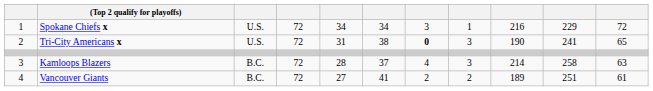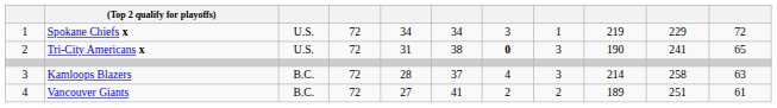 <table class="wikitable sortable">
 <tr>
 <th style="width:3em"></th>
 <th style="width:20em;" class="unsortable"><small>(Top 2 qualify for playoffs)</small></th>
 <th style="width:4em;"></th>
 <th style="width:4em;" class="unsortable"></th>
 <th style="width:4em;"></th>
 <th style="width:4em;"></th>
 <th style="width:4em;"></th>
 <th style="width:4em;"></th>
 <th style="width:5em;"></th>
 <th style="width:5em;"></th>
 <th style="width:5em;"></th>
 </tr>
 <tr style="font-weight: ; text-align: center;">
 <td>1</td>
 <td style="text-align:left;"><a href='#'>Spokane Chiefs</a> <strong>x</strong></td>
 <td>U.S.</td>
 <td>72</td>
 <td>34</td>
 <td>34</td>
 <td>3</td>
 <td>1</td>
-<td>216</td>
+<td>219</td>
 <td>229</td>
 <td>72</td>
 </tr>
 <tr style="font-weight: ; text-align: center;">
 <td>2</td>
 <td style="text-align:left;"><a href='#'>Tri-City Americans</a> <strong>x</strong></td>
 <td>U.S.</td>
 <td>72</td>
 <td>31</td>
 <td>38</td>
 <td><strong>0</strong></td>
 <td>3</td>
 <td>190</td>
 <td>241</td>
 <td>65</td>
 </tr>
 <tr style="color:#cccccc;background-color:#cccccc">
 <td style="height:2px"></td>
 <td></td>
 <td></td>
 <td></td>
 <td></td>
 <td></td>
 <td></td>
 <td></td>
 <td></td>
 <td></td>
 <td></td>
 </tr>
 <tr style="text-align: center;">
 <td>3</td>
 <td style="text-align:left;"><a href='#'>Kamloops Blazers</a></td>
 <td>B.C.</td>
 <td>72</td>
 <td>28</td>
 <td>37</td>
 <td>4</td>
 <td>3</td>
 <td>214</td>
 <td>258</td>
 <td>63</td>
 </tr>
 <tr style="text-align: center;">
 <td>4</td>
 <td style="text-align:left;"><a href='#'>Vancouver Giants</a></td>
 <td>B.C.</td>
 <td>72</td>
 <td>27</td>
 <td>41</td>
 <td>2</td>
 <td>2</td>
 <td>189</td>
 <td>251</td>
 <td>61</td>
 </tr>
 </table>
